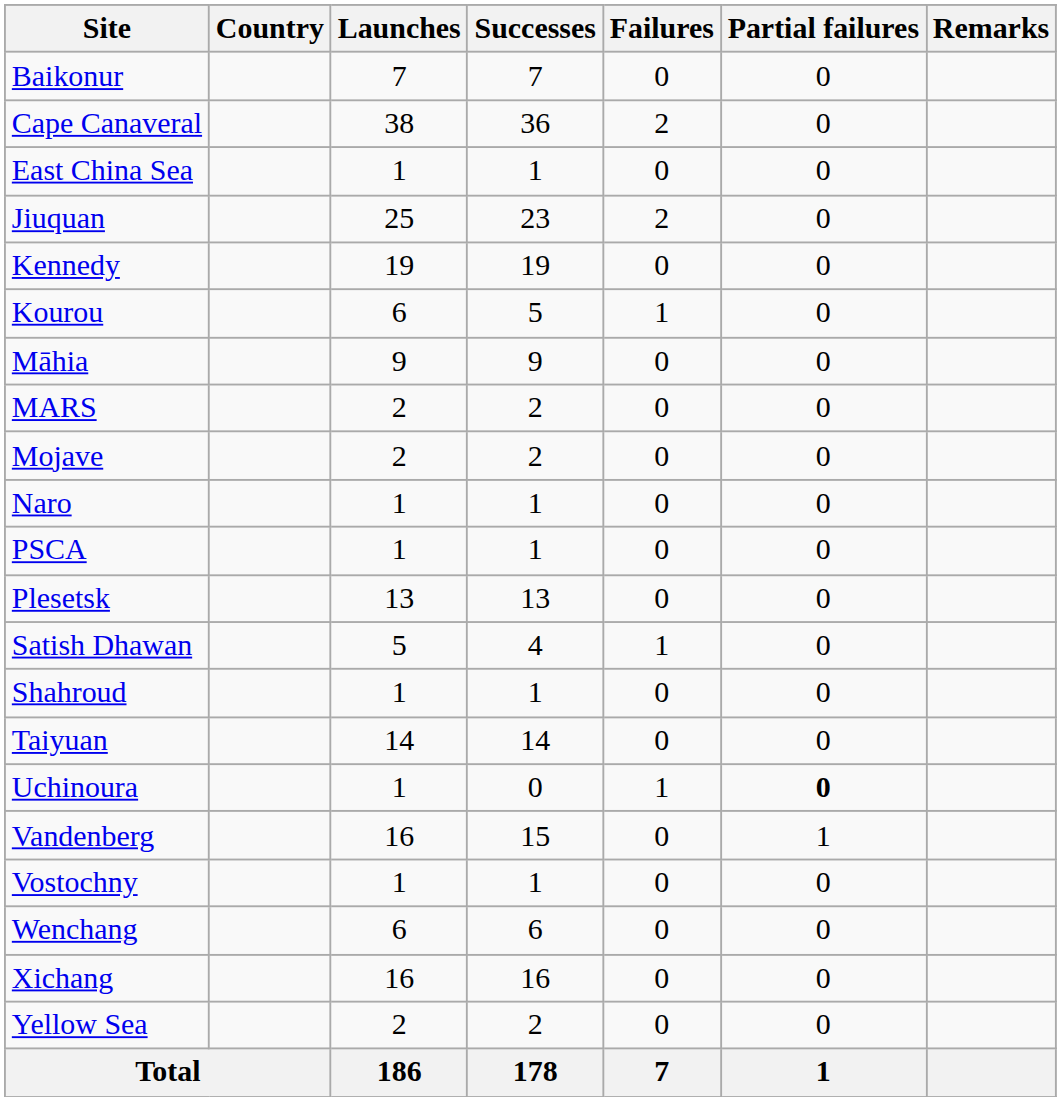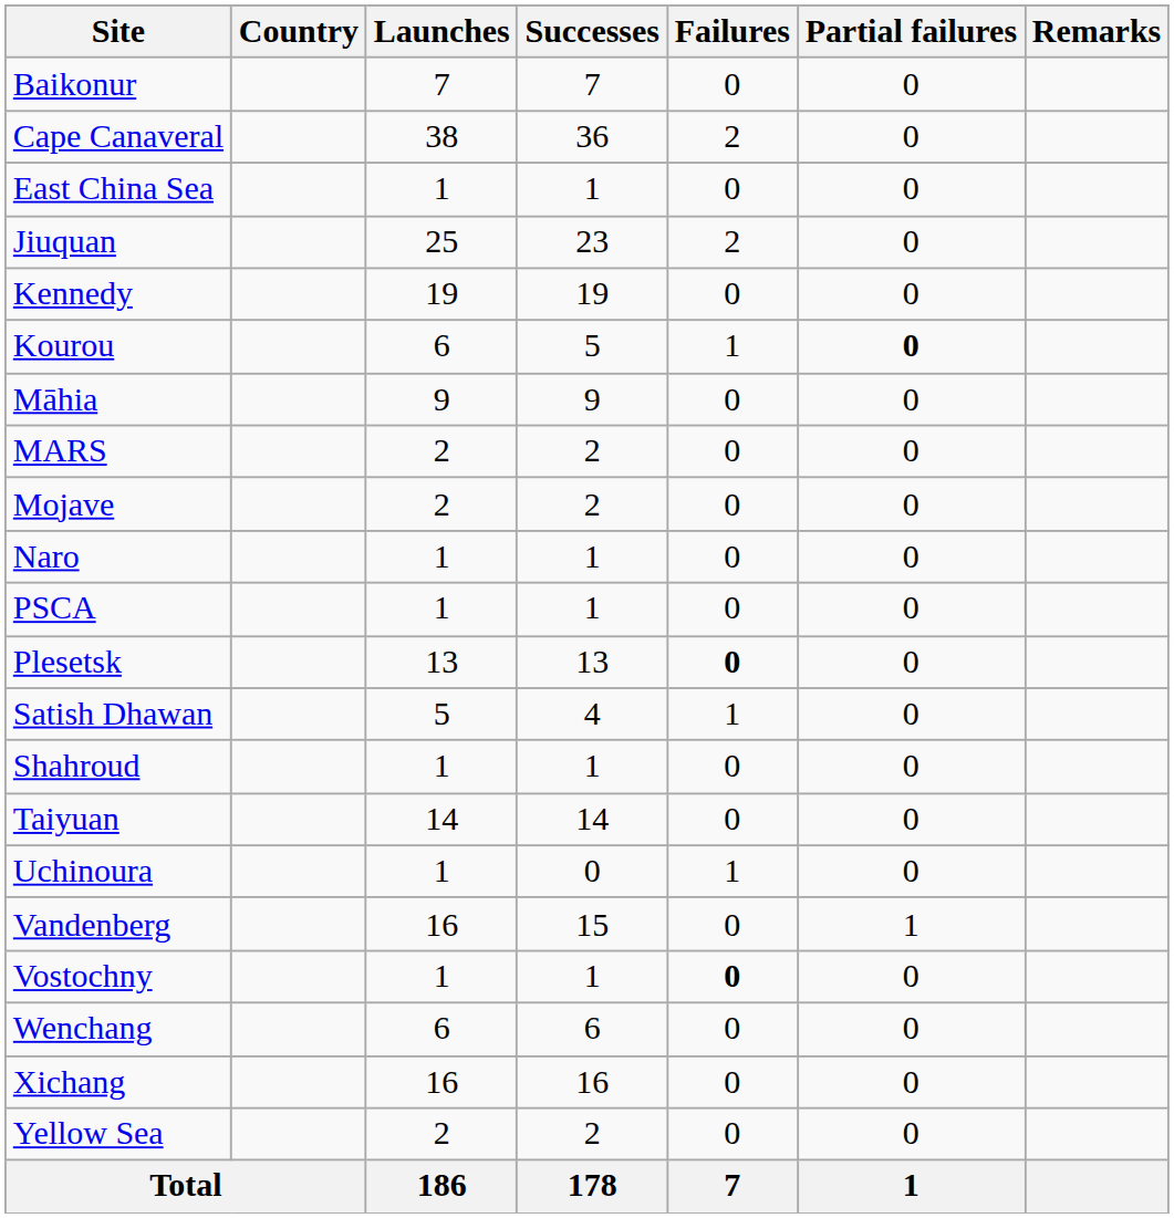 <table class="wikitable sortable" style=text-align:center>
 <tr>
 <th>Site</th>
 <th>Country</th>
 <th>Launches</th>
 <th>Successes</th>
 <th>Failures</th>
 <th>Partial failures</th>
 <th>Remarks</th>
 </tr>
 <tr>
 <td align=left><a href='#'>Baikonur</a></td>
 <td align=left></td>
 <td>7</td>
 <td>7</td>
 <td>0</td>
 <td>0</td>
 <td></td>
 </tr>
 <tr>
 <td align=left><a href='#'>Cape Canaveral</a></td>
 <td align=left></td>
 <td>38</td>
 <td>36</td>
 <td>2</td>
 <td>0</td>
 <td></td>
 </tr>
 <tr>
 <td align=left><a href='#'>East China Sea</a></td>
 <td align=left></td>
 <td>1</td>
 <td>1</td>
 <td>0</td>
 <td>0</td>
 <td></td>
 </tr>
 <tr>
 <td align=left><a href='#'>Jiuquan</a></td>
 <td align=left></td>
 <td>25</td>
 <td>23</td>
 <td>2</td>
 <td>0</td>
 <td></td>
 </tr>
 <tr>
 <td align=left><a href='#'>Kennedy</a></td>
 <td align=left></td>
 <td>19</td>
 <td>19</td>
 <td>0</td>
 <td>0</td>
 <td></td>
 </tr>
 <tr>
 <td align=left><a href='#'>Kourou</a></td>
 <td align=left></td>
 <td>6</td>
 <td>5</td>
 <td>1</td>
-<td>0</td>
+<td><strong>0</strong></td>
 <td></td>
 </tr>
 <tr>
 <td align=left><a href='#'>Māhia</a></td>
 <td align=left></td>
 <td>9</td>
 <td>9</td>
 <td>0</td>
 <td>0</td>
 <td></td>
 </tr>
 <tr>
 <td align=left><a href='#'>MARS</a></td>
 <td align=left></td>
 <td>2</td>
 <td>2</td>
 <td>0</td>
 <td>0</td>
 <td></td>
 </tr>
 <tr>
 <td align=left><a href='#'>Mojave</a></td>
 <td align=left></td>
 <td>2</td>
 <td>2</td>
 <td>0</td>
 <td>0</td>
 <td></td>
 </tr>
 <tr>
 <td align=left><a href='#'>Naro</a></td>
 <td align=left></td>
 <td>1</td>
 <td>1</td>
 <td>0</td>
 <td>0</td>
 <td></td>
 </tr>
 <tr>
 <td align=left><a href='#'>PSCA</a></td>
 <td align=left></td>
 <td>1</td>
 <td>1</td>
 <td>0</td>
 <td>0</td>
 <td></td>
 </tr>
 <tr>
 <td align=left><a href='#'>Plesetsk</a></td>
 <td align=left></td>
 <td>13</td>
 <td>13</td>
-<td>0</td>
+<td><strong>0</strong></td>
 <td>0</td>
 <td></td>
 </tr>
 <tr>
 <td align=left><a href='#'>Satish Dhawan</a></td>
 <td align=left></td>
 <td>5</td>
 <td>4</td>
 <td>1</td>
 <td>0</td>
 <td></td>
 </tr>
 <tr>
 <td align=left><a href='#'>Shahroud</a></td>
 <td align=left></td>
 <td>1</td>
 <td>1</td>
 <td>0</td>
 <td>0</td>
 <td></td>
 </tr>
 <tr>
 <td align=left><a href='#'>Taiyuan</a></td>
 <td align=left></td>
 <td>14</td>
 <td>14</td>
 <td>0</td>
 <td>0</td>
 <td></td>
 </tr>
 <tr>
 <td align=left><a href='#'>Uchinoura</a></td>
 <td align=left></td>
 <td>1</td>
 <td>0</td>
 <td>1</td>
-<td><strong>0</strong></td>
+<td>0</td>
 <td></td>
 </tr>
 <tr>
 <td align=left><a href='#'>Vandenberg</a></td>
 <td align=left></td>
 <td>16</td>
 <td>15</td>
 <td>0</td>
 <td>1</td>
 <td></td>
 </tr>
 <tr>
 <td align=left><a href='#'>Vostochny</a></td>
 <td align=left></td>
 <td>1</td>
 <td>1</td>
-<td>0</td>
+<td><strong>0</strong></td>
 <td>0</td>
 <td></td>
 </tr>
 <tr>
 <td align=left><a href='#'>Wenchang</a></td>
 <td align=left></td>
 <td>6</td>
 <td>6</td>
 <td>0</td>
 <td>0</td>
 <td></td>
 </tr>
 <tr>
 <td align=left><a href='#'>Xichang</a></td>
 <td align=left></td>
 <td>16</td>
 <td>16</td>
 <td>0</td>
 <td>0</td>
 <td></td>
 </tr>
 <tr>
 <td align=left><a href='#'>Yellow Sea</a></td>
 <td align=left></td>
 <td>2</td>
 <td>2</td>
 <td>0</td>
 <td>0</td>
 <td></td>
 </tr>
 <tr>
 <th colspan=2>Total</th>
 <th>186</th>
 <th>178</th>
 <th>7</th>
 <th>1</th>
 <th></th>
 </tr>
 </table>
